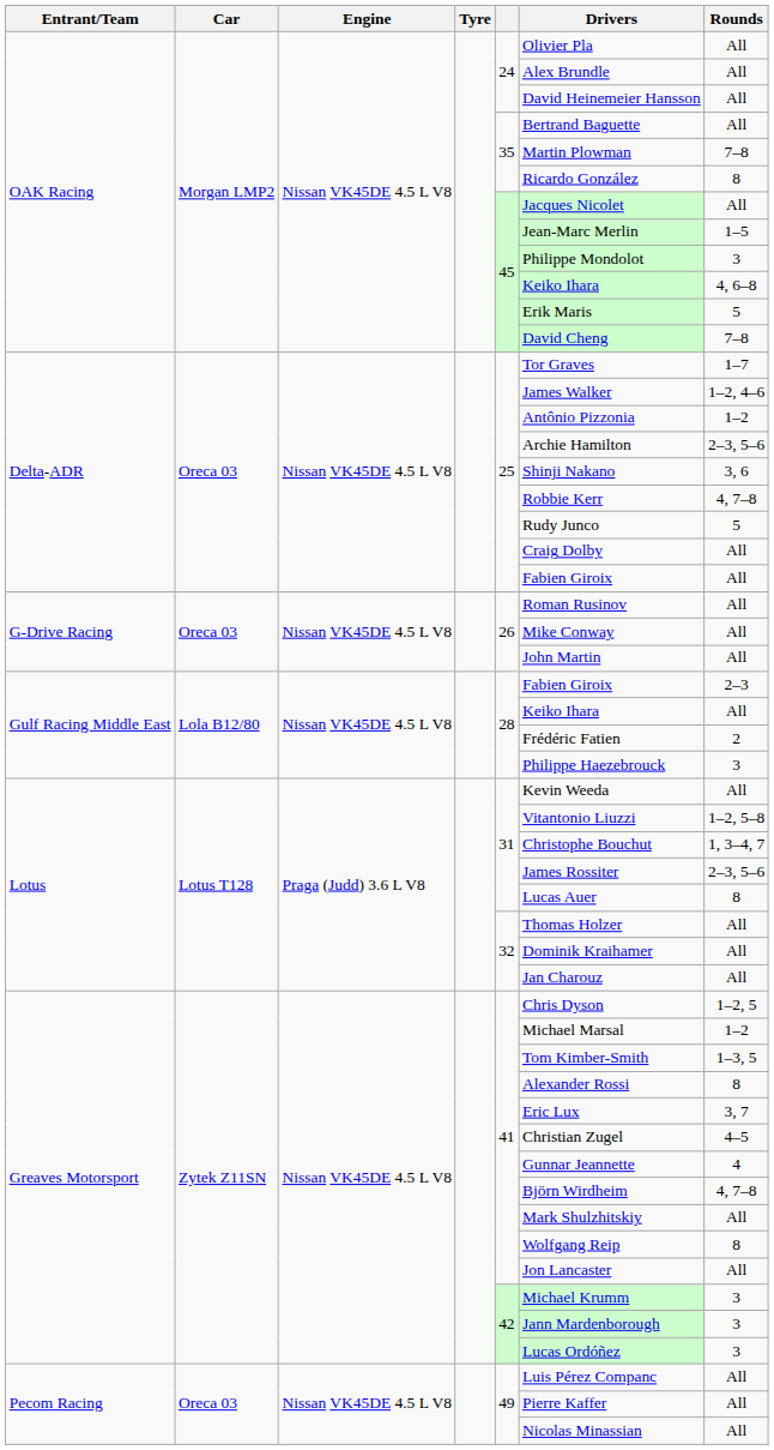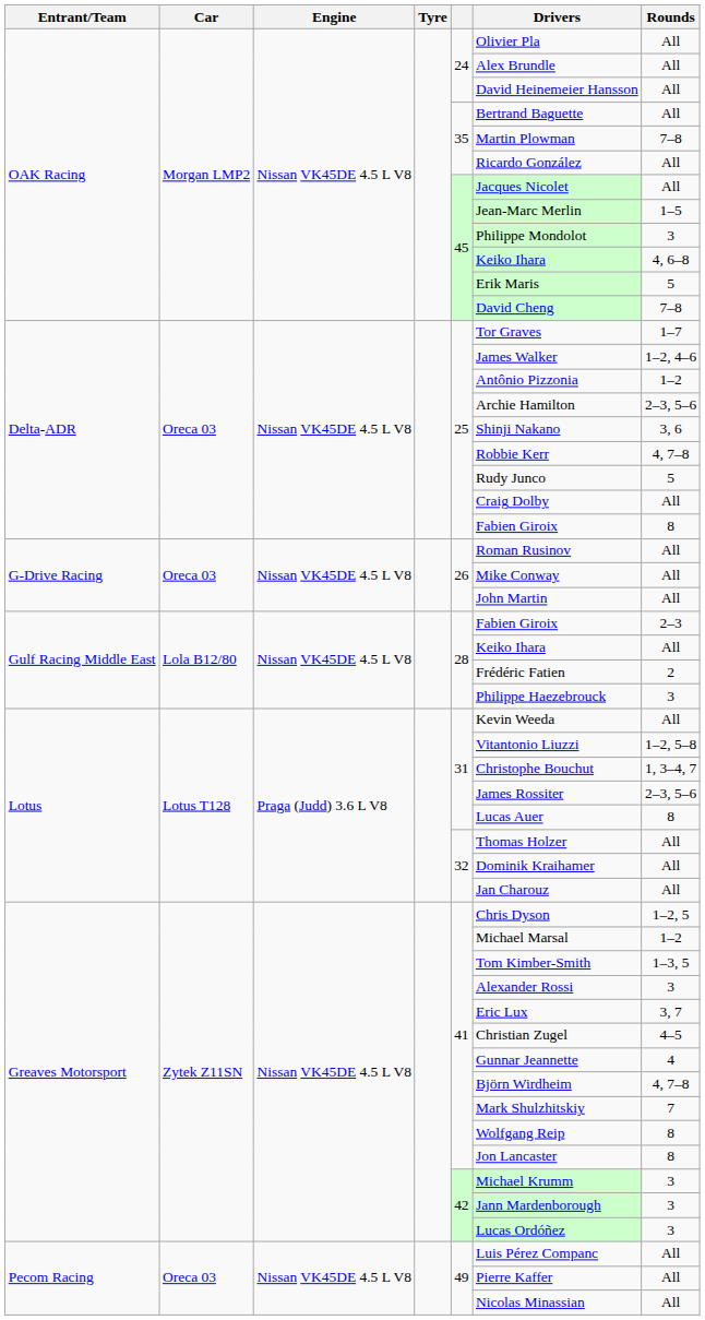 <table class="wikitable" style="font-size: 85%">
 <tr>
 <th>Entrant/Team</th>
 <th>Car</th>
 <th>Engine</th>
 <th>Tyre</th>
 <th></th>
 <th>Drivers</th>
 <th>Rounds</th>
 </tr>
 <tr>
 <td rowspan=12> <a href='#'>OAK Racing</a></td>
 <td rowspan=12><a href='#'>Morgan LMP2</a></td>
 <td rowspan=12><a href='#'>Nissan</a> <a href='#'>VK45DE</a> 4.5 L V8</td>
 <td rowspan=12></td>
 <td rowspan=3>24</td>
 <td> <a href='#'>Olivier Pla</a></td>
 <td align=center>All</td>
 </tr>
 <tr>
 <td> <a href='#'>Alex Brundle</a></td>
 <td align=center>All</td>
 </tr>
 <tr>
 <td> <a href='#'>David Heinemeier Hansson</a></td>
 <td align=center>All</td>
 </tr>
 <tr>
 <td rowspan=3>35</td>
 <td> <a href='#'>Bertrand Baguette</a></td>
 <td align=center>All</td>
 </tr>
 <tr>
 <td> <a href='#'>Martin Plowman</a></td>
 <td align=center>7–8</td>
 </tr>
 <tr>
 <td> <a href='#'>Ricardo González</a></td>
-<td align=center>8</td>
+<td align=center>All</td>
 </tr>
 <tr>
 <td rowspan=6 style="background:#ccffcc;">45</td>
 <td style="background:#ccffcc;"> <a href='#'>Jacques Nicolet</a></td>
 <td align=center>All</td>
 </tr>
 <tr>
 <td style="background:#ccffcc;"> Jean-Marc Merlin</td>
 <td align=center>1–5</td>
 </tr>
 <tr>
 <td style="background:#ccffcc;"> Philippe Mondolot</td>
 <td align=center>3</td>
 </tr>
 <tr>
 <td style="background:#ccffcc;"> <a href='#'>Keiko Ihara</a></td>
 <td align=center>4, 6–8</td>
 </tr>
 <tr>
 <td style="background:#ccffcc;"> Erik Maris</td>
 <td align=center>5</td>
 </tr>
 <tr>
 <td style="background:#ccffcc;"> <a href='#'>David Cheng</a></td>
 <td align=center>7–8</td>
 </tr>
 <tr>
 <td rowspan=9> <a href='#'>Delta</a>-<a href='#'>ADR</a></td>
 <td rowspan=9><a href='#'>Oreca 03</a></td>
 <td rowspan=9><a href='#'>Nissan</a> <a href='#'>VK45DE</a> 4.5 L V8</td>
 <td rowspan=9></td>
 <td rowspan=9>25</td>
 <td> <a href='#'>Tor Graves</a></td>
 <td align=center>1–7</td>
 </tr>
 <tr>
 <td> <a href='#'>James Walker</a></td>
 <td align=center>1–2, 4–6</td>
 </tr>
 <tr>
 <td> <a href='#'>Antônio Pizzonia</a></td>
 <td align=center>1–2</td>
 </tr>
 <tr>
 <td> Archie Hamilton</td>
 <td align=center>2–3, 5–6</td>
 </tr>
 <tr>
 <td> <a href='#'>Shinji Nakano</a></td>
 <td align=center>3, 6</td>
 </tr>
 <tr>
 <td> <a href='#'>Robbie Kerr</a></td>
 <td align=center>4, 7–8</td>
 </tr>
 <tr>
 <td> Rudy Junco</td>
 <td align=center>5</td>
 </tr>
 <tr>
 <td> <a href='#'>Craig Dolby</a></td>
 <td align=center>All</td>
 </tr>
 <tr>
 <td> <a href='#'>Fabien Giroix</a></td>
-<td align=center>All</td>
+<td align=center>8</td>
 </tr>
 <tr>
 <td rowspan=3> <a href='#'>G-Drive Racing</a></td>
 <td rowspan=3><a href='#'>Oreca 03</a></td>
 <td rowspan=3><a href='#'>Nissan</a> <a href='#'>VK45DE</a> 4.5 L V8</td>
 <td rowspan=3></td>
 <td rowspan=3>26</td>
 <td> <a href='#'>Roman Rusinov</a></td>
 <td align=center>All</td>
 </tr>
 <tr>
 <td> <a href='#'>Mike Conway</a></td>
 <td align=center>All</td>
 </tr>
 <tr>
 <td> <a href='#'>John Martin</a></td>
 <td align=center>All</td>
 </tr>
 <tr>
 <td rowspan=4> <a href='#'>Gulf Racing Middle East</a></td>
 <td rowspan=4><a href='#'>Lola B12/80</a></td>
 <td rowspan=4><a href='#'>Nissan</a> <a href='#'>VK45DE</a> 4.5 L V8</td>
 <td rowspan=4></td>
 <td rowspan=4>28</td>
 <td> <a href='#'>Fabien Giroix</a></td>
 <td align=center>2–3</td>
 </tr>
 <tr>
 <td> <a href='#'>Keiko Ihara</a></td>
 <td align=center>All</td>
 </tr>
 <tr>
 <td> Frédéric Fatien</td>
 <td align=center>2</td>
 </tr>
 <tr>
 <td> <a href='#'>Philippe Haezebrouck</a></td>
 <td align=center>3</td>
 </tr>
 <tr>
 <td rowspan=8> <a href='#'>Lotus</a></td>
 <td rowspan=8><a href='#'>Lotus T128</a></td>
 <td rowspan=8><a href='#'>Praga</a> (<a href='#'>Judd</a>) 3.6 L V8</td>
 <td rowspan=8></td>
 <td rowspan=5>31</td>
 <td> Kevin Weeda</td>
 <td align=center>All</td>
 </tr>
 <tr>
 <td> <a href='#'>Vitantonio Liuzzi</a></td>
 <td align=center>1–2, 5–8</td>
 </tr>
 <tr>
 <td> <a href='#'>Christophe Bouchut</a></td>
 <td align=center>1, 3–4, 7</td>
 </tr>
 <tr>
 <td> <a href='#'>James Rossiter</a></td>
 <td align=center>2–3, 5–6</td>
 </tr>
 <tr>
 <td> <a href='#'>Lucas Auer</a></td>
 <td align=center>8</td>
 </tr>
 <tr>
 <td rowspan=3>32</td>
 <td> <a href='#'>Thomas Holzer</a></td>
 <td align=center>All</td>
 </tr>
 <tr>
 <td> <a href='#'>Dominik Kraihamer</a></td>
 <td align=center>All</td>
 </tr>
 <tr>
 <td> <a href='#'>Jan Charouz</a></td>
 <td align=center>All</td>
 </tr>
 <tr>
 <td rowspan=14> <a href='#'>Greaves Motorsport</a></td>
 <td rowspan=14><a href='#'>Zytek Z11SN</a></td>
 <td rowspan=14><a href='#'>Nissan</a> <a href='#'>VK45DE</a> 4.5 L V8</td>
 <td rowspan=14></td>
 <td rowspan=11>41</td>
 <td> <a href='#'>Chris Dyson</a></td>
 <td align=center>1–2, 5</td>
 </tr>
 <tr>
 <td> Michael Marsal</td>
 <td align=center>1–2</td>
 </tr>
 <tr>
 <td> <a href='#'>Tom Kimber-Smith</a></td>
 <td align=center>1–3, 5</td>
 </tr>
 <tr>
 <td> <a href='#'>Alexander Rossi</a></td>
-<td align=center>8</td>
+<td align=center>3</td>
 </tr>
 <tr>
 <td> <a href='#'>Eric Lux</a></td>
 <td align=center>3, 7</td>
 </tr>
 <tr>
 <td> Christian Zugel</td>
 <td align=center>4–5</td>
 </tr>
 <tr>
 <td> <a href='#'>Gunnar Jeannette</a></td>
 <td align=center>4</td>
 </tr>
 <tr>
 <td> <a href='#'>Björn Wirdheim</a></td>
 <td align=center>4, 7–8</td>
 </tr>
 <tr>
 <td> <a href='#'>Mark Shulzhitskiy</a></td>
-<td align=center>All</td>
+<td align=center>7</td>
 </tr>
 <tr>
 <td> <a href='#'>Wolfgang Reip</a></td>
 <td align=center>8</td>
 </tr>
 <tr>
 <td> <a href='#'>Jon Lancaster</a></td>
-<td align=center>All</td>
+<td align=center>8</td>
 </tr>
 <tr>
 <td rowspan=3 style="background:#ccffcc;">42</td>
 <td style="background:#ccffcc;"> <a href='#'>Michael Krumm</a></td>
 <td align=center>3</td>
 </tr>
 <tr>
 <td style="background:#ccffcc;"> <a href='#'>Jann Mardenborough</a></td>
 <td align=center>3</td>
 </tr>
 <tr>
 <td style="background:#ccffcc;"> <a href='#'>Lucas Ordóñez</a></td>
 <td align=center>3</td>
 </tr>
 <tr>
 <td rowspan=3> <a href='#'>Pecom Racing</a></td>
 <td rowspan=3><a href='#'>Oreca 03</a></td>
 <td rowspan=3><a href='#'>Nissan</a> <a href='#'>VK45DE</a> 4.5 L V8</td>
 <td rowspan=3></td>
 <td rowspan=3>49</td>
 <td> <a href='#'>Luis Pérez Companc</a></td>
 <td align=center>All</td>
 </tr>
 <tr>
 <td> <a href='#'>Pierre Kaffer</a></td>
 <td align=center>All</td>
 </tr>
 <tr>
 <td> <a href='#'>Nicolas Minassian</a></td>
 <td align=center>All</td>
 </tr>
 </table>
